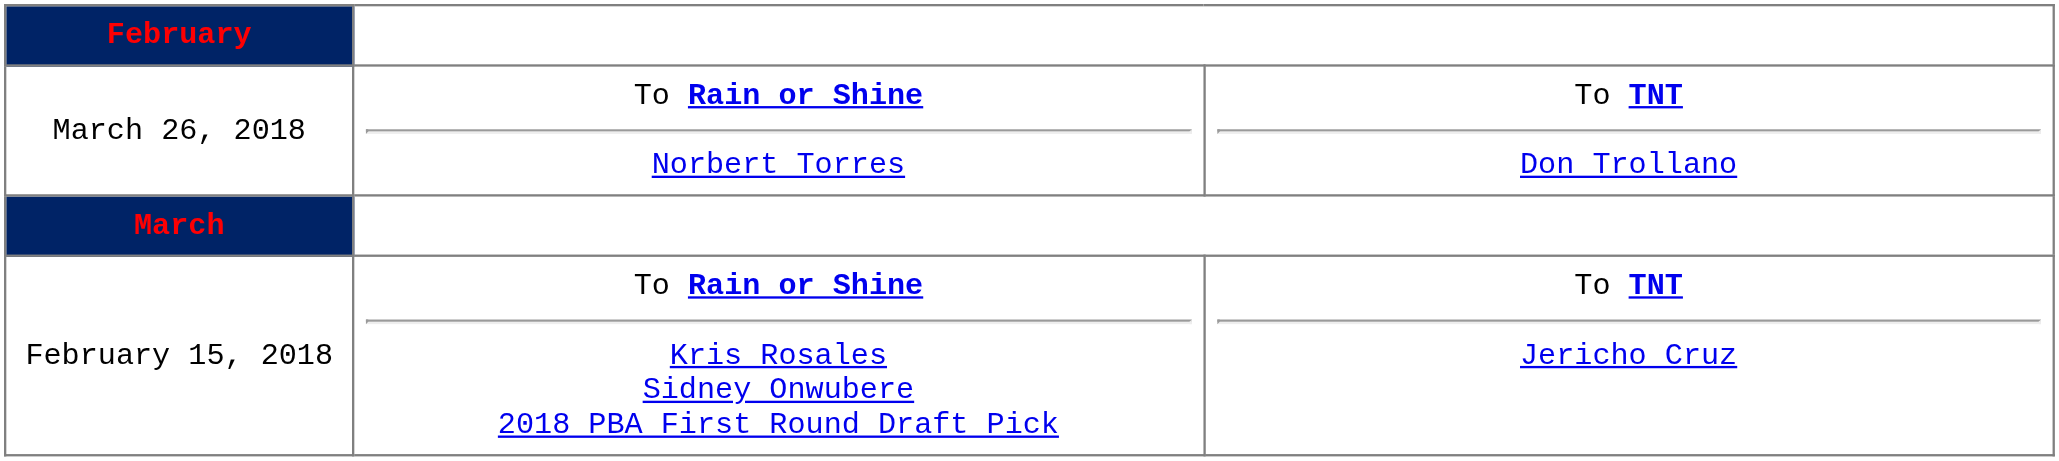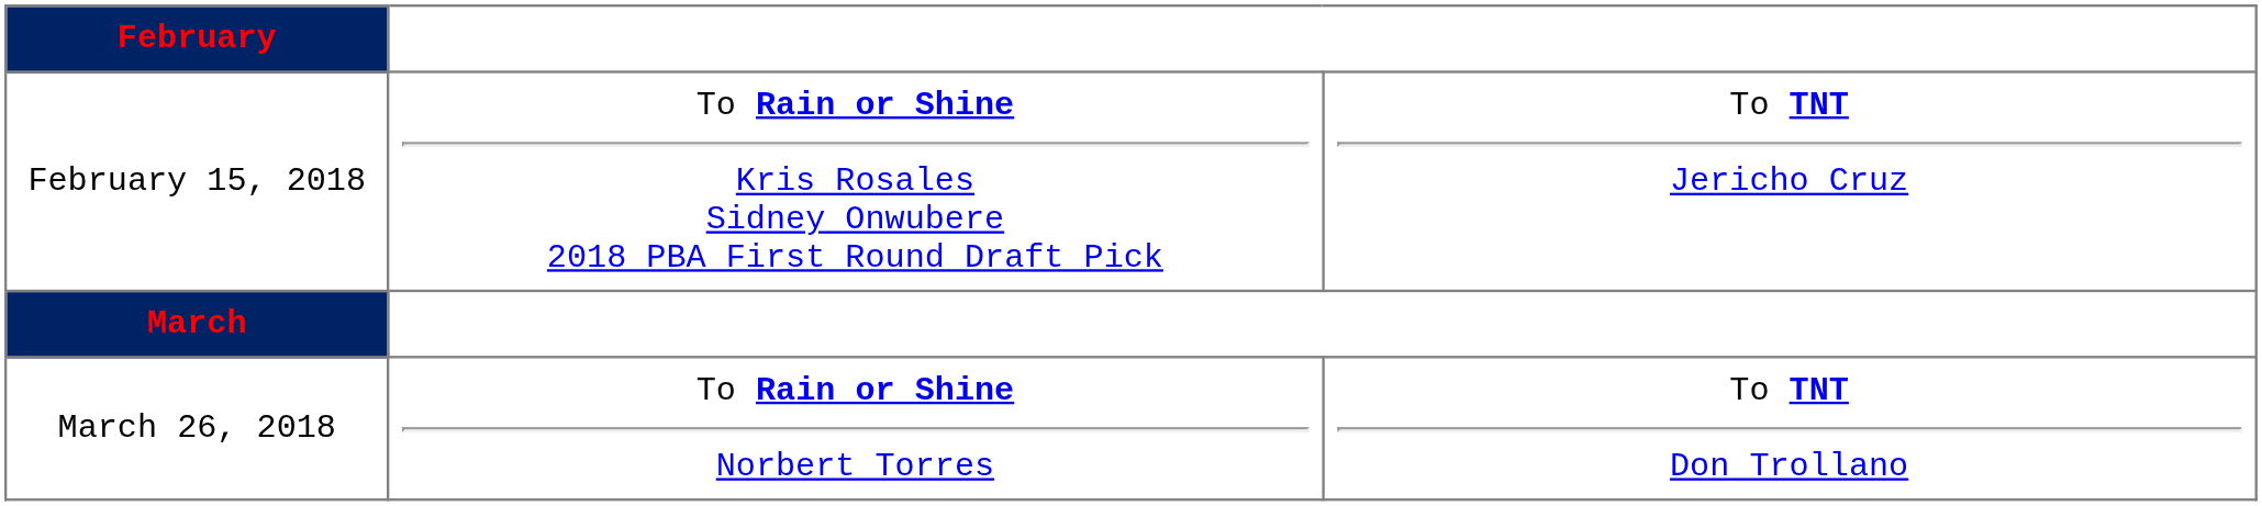 <table border=1 cellpadding="5" style="border-collapse:collapse; text-align: center; width: 100%; bordercolor:#DFDFDF">
 <tr bgcolor="eeeeee">
 <th style="background:#002366; color:#FE0003; ">February</th>
+</tr>
+<tr>
+<td style="width:12%">February 15, 2018</td>
+<td style="width:29.3%" valign="top">To <strong><a href='#'>Rain or Shine</a></strong><hr><a href='#'>Kris Rosales</a><br><a href='#'>Sidney Onwubere</a><br><a href='#'>2018 PBA First Round Draft Pick</a></td>
+<td style="width:29.3%" valign="top">To <strong><a href='#'>TNT</a></strong><hr><a href='#'>Jericho Cruz</a></td>
+</tr>
+<tr bgcolor="eeeeee">
+<th style="background:#002366; color:#FE0003; ">March</th>
 </tr>
 <tr>
 <td style="width:12%">March 26, 2018</td>
 <td style="width:29.3%" valign="top">To <strong><a href='#'>Rain or Shine</a></strong><hr><a href='#'>Norbert Torres</a></td>
 <td style="width:29.3%" valign="top">To <strong><a href='#'>TNT</a></strong><hr><a href='#'>Don Trollano</a></td>
 </tr>
-<tr bgcolor="eeeeee">
-<th style="background:#002366; color:#FE0003; ">March</th>
-</tr>
-<tr>
-<td style="width:12%">February 15, 2018</td>
-<td style="width:29.3%" valign="top">To <strong><a href='#'>Rain or Shine</a></strong><hr><a href='#'>Kris Rosales</a><br><a href='#'>Sidney Onwubere</a><br><a href='#'>2018 PBA First Round Draft Pick</a></td>
-<td style="width:29.3%" valign="top">To <strong><a href='#'>TNT</a></strong><hr><a href='#'>Jericho Cruz</a></td>
-</tr>
 </table>
